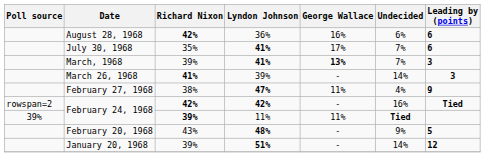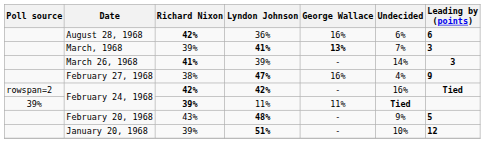 <table class="wikitable sortable">
 <tr>
 <th>Poll source</th>
 <th>Date</th>
 <th>Richard Nixon<br><small></small></th>
 <th>Lyndon Johnson<br><small></small></th>
 <th>George Wallace<br><small></small></th>
 <th>Undecided</th>
 <th>Leading by<br>(<a href='#'>points</a>)</th>
 </tr>
 <tr>
 <td></td>
 <td>August 28, 1968</td>
 <td align="center" ><strong>42%</strong></td>
 <td align="center">36%</td>
 <td align="center">16%</td>
 <td align="center">6%</td>
-<td><strong>6</strong></td>
-</tr>
-<tr>
-<td></td>
-<td>July 30, 1968</td>
-<td align="center">35%</td>
-<td align="center" ><strong>41%</strong></td>
-<td align="center">17%</td>
-<td align="center">7%</td>
 <td><strong>6</strong></td>
 </tr>
 <tr>
 <td></td>
 <td>March, 1968</td>
 <td align="center">39%</td>
 <td align="center" ><strong>41%</strong></td>
 <td align="center"><strong>13%</strong></td>
 <td align="center">7%</td>
 <td><strong>3</strong></td>
 </tr>
 <tr>
 <td></td>
 <td>March 26, 1968</td>
 <td align="center" ><strong>41%</strong></td>
 <td align="center">39%</td>
 <td align="center">-</td>
 <td align="center">14%</td>
 <td align=center ><strong>3</strong></td>
 </tr>
 <tr>
 <td></td>
 <td>February 27, 1968</td>
 <td align="center">38%</td>
 <td align="center" ><strong>47%</strong></td>
-<td align="center">11%</td>
+<td align="center">16%</td>
 <td align="center">4%</td>
 <td><strong>9</strong></td>
 </tr>
 <tr>
 <td>rowspan=2 </td>
 <td rowspan=2>February 24, 1968</td>
 <td align="center"><strong>42%</strong></td>
 <td align="center"><strong>42%</strong></td>
 <td align="center">-</td>
 <td align="center">16%</td>
 <td align=center><strong>Tied</strong></td>
 </tr>
 <tr>
 <td align="center">39%</td>
 <td align="center"><strong>39%</strong></td>
 <td align="center">11%</td>
 <td align="center">11%</td>
 <td align=center><strong>Tied</strong></td>
 </tr>
 <tr>
 <td></td>
 <td>February 20, 1968</td>
 <td align="center">43%</td>
 <td align="center" ><strong>48%</strong></td>
 <td align="center">-</td>
 <td align="center">9%</td>
 <td><strong>5</strong></td>
 </tr>
 <tr>
 <td></td>
 <td>January 20, 1968</td>
 <td align="center">39%</td>
 <td align="center" ><strong>51%</strong></td>
 <td align="center">-</td>
-<td align="center">14%</td>
+<td align="center">10%</td>
 <td><strong>12</strong></td>
 </tr>
 <tr>
 </tr>
 </table>
